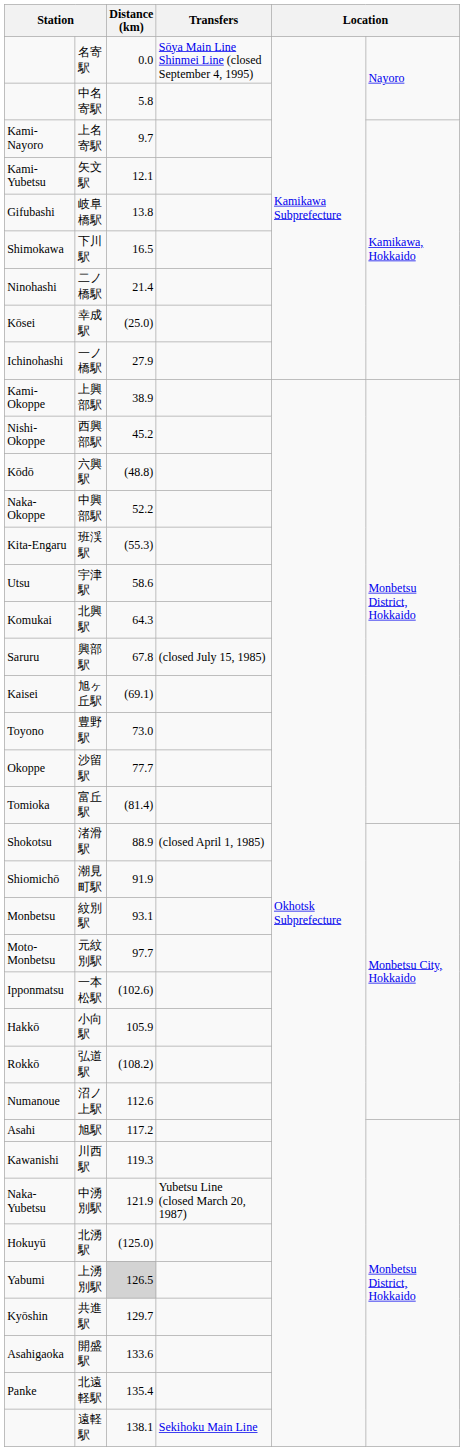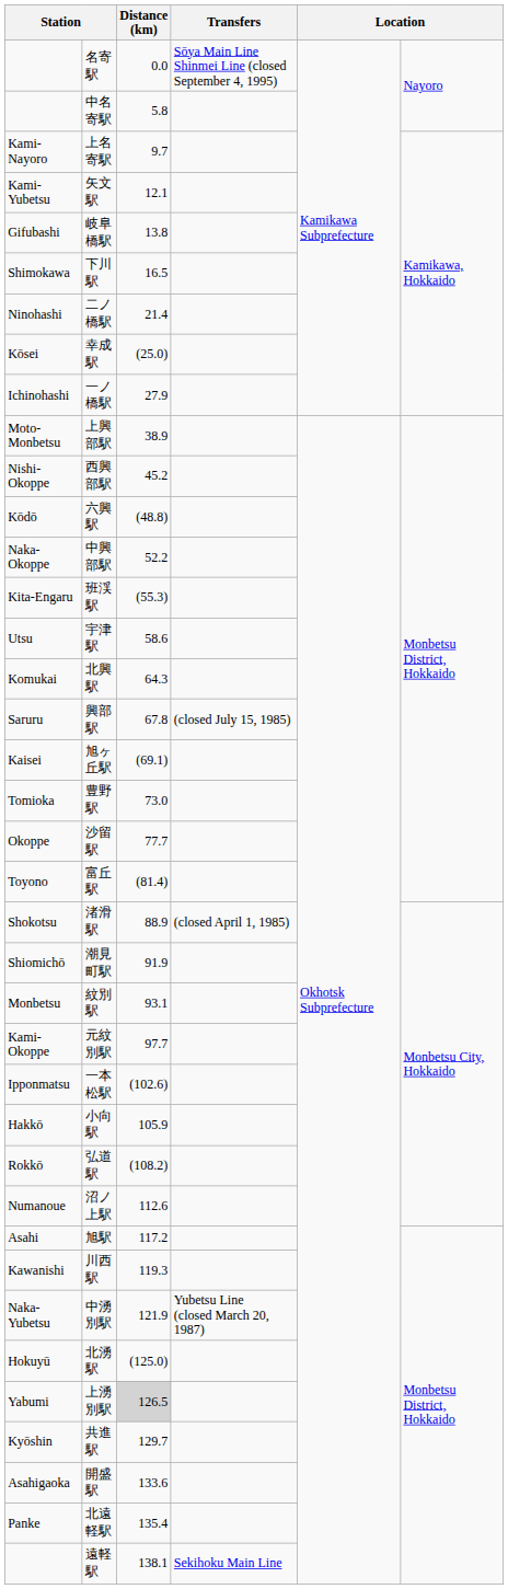 <table class="wikitable">
 <tr>
 <th colspan="2" style="width:7em;">Station</th>
 <th style="width:2.5em;">Distance (km)</th>
 <th>Transfers</th>
 <th colspan="2">Location</th>
 </tr>
 <tr>
 <td></td>
 <td>名寄駅</td>
 <td style="text-align:right;">0.0</td>
 <td> <a href='#'>Sōya Main Line</a><br><a href='#'>Shinmei Line</a> (closed September 4, 1995)</td>
 <td rowspan="9"><a href='#'>Kamikawa Subprefecture</a></td>
 <td rowspan="2"><a href='#'>Nayoro</a></td>
 </tr>
 <tr>
 <td></td>
 <td>中名寄駅</td>
 <td style="text-align:right;">5.8</td>
 <td> </td>
 </tr>
 <tr>
 <td>Kami-Nayoro</td>
 <td>上名寄駅</td>
 <td style="text-align:right;">9.7</td>
 <td> </td>
 <td rowspan="7"><a href='#'>Kamikawa, Hokkaido</a></td>
 </tr>
 <tr>
 <td>Kami-Yubetsu</td>
 <td>矢文駅</td>
 <td style="text-align:right;">12.1</td>
 <td> </td>
 </tr>
 <tr>
 <td>Gifubashi</td>
 <td>岐阜橋駅</td>
 <td style="text-align:right;">13.8</td>
 <td> </td>
 </tr>
 <tr>
 <td>Shimokawa</td>
 <td>下川駅</td>
 <td style="text-align:right;">16.5</td>
 <td> </td>
 </tr>
 <tr>
 <td>Ninohashi</td>
 <td>二ノ橋駅</td>
 <td style="text-align:right;">21.4</td>
 <td> </td>
 </tr>
 <tr>
 <td>Kōsei</td>
 <td>幸成駅</td>
 <td style="text-align:right;">(25.0)</td>
 <td> </td>
 </tr>
 <tr>
 <td>Ichinohashi</td>
 <td>一ノ橋駅</td>
 <td style="text-align:right;">27.9</td>
 <td> </td>
 </tr>
 <tr>
-<td>Kami-Okoppe</td>
+<td>Moto-Monbetsu</td>
 <td>上興部駅</td>
 <td style="text-align:right;">38.9</td>
 <td> </td>
 <td rowspan="29"><a href='#'>Okhotsk Subprefecture</a></td>
 <td rowspan="12"><a href='#'>Monbetsu District, Hokkaido</a></td>
 </tr>
 <tr>
 <td>Nishi-Okoppe</td>
 <td>西興部駅</td>
 <td style="text-align:right;">45.2</td>
 <td> </td>
 </tr>
 <tr>
 <td>Kōdō</td>
 <td>六興駅</td>
 <td style="text-align:right;">(48.8)</td>
 <td> </td>
 </tr>
 <tr>
 <td>Naka-Okoppe</td>
 <td>中興部駅</td>
 <td style="text-align:right;">52.2</td>
 <td> </td>
 </tr>
 <tr>
 <td>Kita-Engaru</td>
 <td>班渓駅</td>
 <td style="text-align:right;">(55.3)</td>
 <td> </td>
 </tr>
 <tr>
 <td>Utsu</td>
 <td>宇津駅</td>
 <td style="text-align:right;">58.6</td>
 <td> </td>
 </tr>
 <tr>
 <td>Komukai</td>
 <td>北興駅</td>
 <td style="text-align:right;">64.3</td>
 <td> </td>
 </tr>
 <tr>
 <td>Saruru</td>
 <td>興部駅</td>
 <td style="text-align:right;">67.8</td>
 <td> (closed July 15, 1985)</td>
 </tr>
 <tr>
 <td>Kaisei</td>
 <td>旭ヶ丘駅</td>
 <td style="text-align:right;">(69.1)</td>
 <td> </td>
 </tr>
 <tr>
-<td>Toyono</td>
+<td>Tomioka</td>
 <td>豊野駅</td>
 <td style="text-align:right;">73.0</td>
 <td> </td>
 </tr>
 <tr>
 <td>Okoppe</td>
 <td>沙留駅</td>
 <td style="text-align:right;">77.7</td>
 <td> </td>
 </tr>
 <tr>
-<td>Tomioka</td>
+<td>Toyono</td>
 <td>富丘駅</td>
 <td style="text-align:right;">(81.4)</td>
 <td> </td>
 </tr>
 <tr>
 <td>Shokotsu</td>
 <td>渚滑駅</td>
 <td style="text-align:right;">88.9</td>
 <td> (closed April 1, 1985)</td>
 <td rowspan="8"><a href='#'>Monbetsu City, Hokkaido</a></td>
 </tr>
 <tr>
 <td>Shiomichō</td>
 <td>潮見町駅</td>
 <td style="text-align:right;">91.9</td>
 <td> </td>
 </tr>
 <tr>
 <td>Monbetsu</td>
 <td>紋別駅</td>
 <td style="text-align:right;">93.1</td>
 <td> </td>
 </tr>
 <tr>
-<td>Moto-Monbetsu</td>
+<td>Kami-Okoppe</td>
 <td>元紋別駅</td>
 <td style="text-align:right;">97.7</td>
 <td> </td>
 </tr>
 <tr>
 <td>Ipponmatsu</td>
 <td>一本松駅</td>
 <td style="text-align:right;">(102.6)</td>
 <td> </td>
 </tr>
 <tr>
 <td>Hakkō</td>
 <td>小向駅</td>
 <td style="text-align:right;">105.9</td>
 <td> </td>
 </tr>
 <tr>
 <td>Rokkō</td>
 <td>弘道駅</td>
 <td style="text-align:right;">(108.2)</td>
 <td> </td>
 </tr>
 <tr>
 <td>Numanoue</td>
 <td>沼ノ上駅</td>
 <td style="text-align:right;">112.6</td>
 <td> </td>
 </tr>
 <tr>
 <td>Asahi</td>
 <td>旭駅</td>
 <td style="text-align:right;">117.2</td>
 <td> </td>
 <td rowspan="9"><a href='#'>Monbetsu District, Hokkaido</a></td>
 </tr>
 <tr>
 <td>Kawanishi</td>
 <td>川西駅</td>
 <td style="text-align:right;">119.3</td>
 <td> </td>
 </tr>
 <tr>
 <td>Naka-Yubetsu</td>
 <td>中湧別駅</td>
 <td style="text-align:right;">121.9</td>
 <td>Yubetsu Line<br> (closed March 20, 1987)</td>
 </tr>
 <tr>
 <td>Hokuyū</td>
 <td>北湧駅</td>
 <td style="text-align:right;">(125.0)</td>
 <td> </td>
 </tr>
 <tr>
 <td>Yabumi</td>
 <td>上湧別駅</td>
 <td style="background: lightgrey; text-align:right;">126.5</td>
 <td> </td>
 </tr>
 <tr>
 <td>Kyōshin</td>
 <td>共進駅</td>
 <td style="text-align:right;">129.7</td>
 <td> </td>
 </tr>
 <tr>
 <td>Asahigaoka</td>
 <td>開盛駅</td>
 <td style="text-align:right;">133.6</td>
 <td> </td>
 </tr>
 <tr>
 <td>Panke</td>
 <td>北遠軽駅</td>
 <td style="text-align:right;">135.4</td>
 <td> </td>
 </tr>
 <tr>
 <td></td>
 <td>遠軽駅</td>
 <td style="text-align:right;">138.1</td>
 <td> <a href='#'>Sekihoku Main Line</a></td>
 </tr>
 </table>
